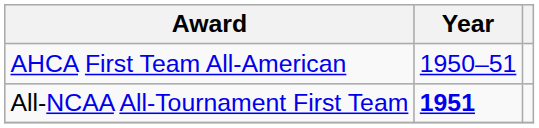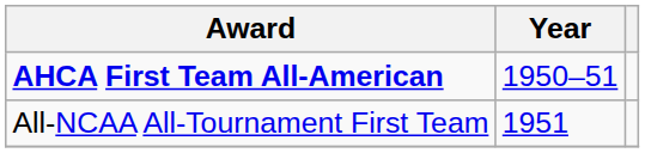 <table class="wikitable">
 <tr>
 <th>Award</th>
 <th>Year</th>
 <th></th>
 </tr>
 <tr>
-<td><a href='#'>AHCA</a> <a href='#'>First Team All-American</a></td>
+<td><strong><a href='#'>AHCA</a> <a href='#'>First Team All-American</a></strong></td>
 <td><a href='#'>1950–51</a></td>
 <td></td>
 </tr>
 <tr>
 <td>All-<a href='#'>NCAA</a> <a href='#'>All-Tournament First Team</a></td>
-<td><strong><a href='#'>1951</a></strong></td>
+<td><a href='#'>1951</a></td>
 <td></td>
 </tr>
 <tr>
 </tr>
 </table>
